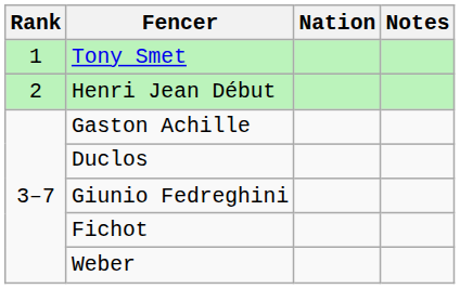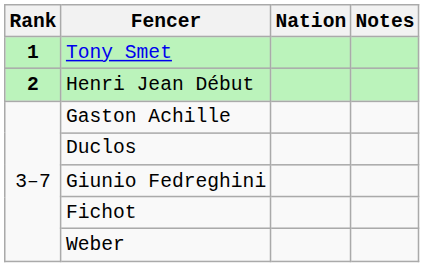 <table class="wikitable sortable" style="text-align:center">
 <tr>
 <th>Rank</th>
 <th>Fencer</th>
 <th>Nation</th>
 <th>Notes</th>
 </tr>
 <tr bgcolor=bbf3bb>
-<td>1</td>
+<td><strong>1</strong></td>
 <td align=left><a href='#'>Tony Smet</a></td>
 <td align=left></td>
 <td></td>
 </tr>
 <tr bgcolor=bbf3bb>
-<td>2</td>
+<td><strong>2</strong></td>
 <td align=left>Henri Jean Début</td>
 <td align=left></td>
 <td></td>
 </tr>
 <tr>
 <td rowspan=5 align=center>3–7</td>
 <td align=left>Gaston Achille</td>
 <td align=left></td>
 <td></td>
 </tr>
 <tr>
 <td align=left>Duclos</td>
 <td align=left></td>
 <td></td>
 </tr>
 <tr>
 <td align=left>Giunio Fedreghini</td>
 <td align=left></td>
 <td></td>
 </tr>
 <tr>
 <td align=left>Fichot</td>
 <td align=left></td>
 <td></td>
 </tr>
 <tr>
 <td align=left>Weber</td>
 <td align=left></td>
 <td></td>
 </tr>
 </table>
